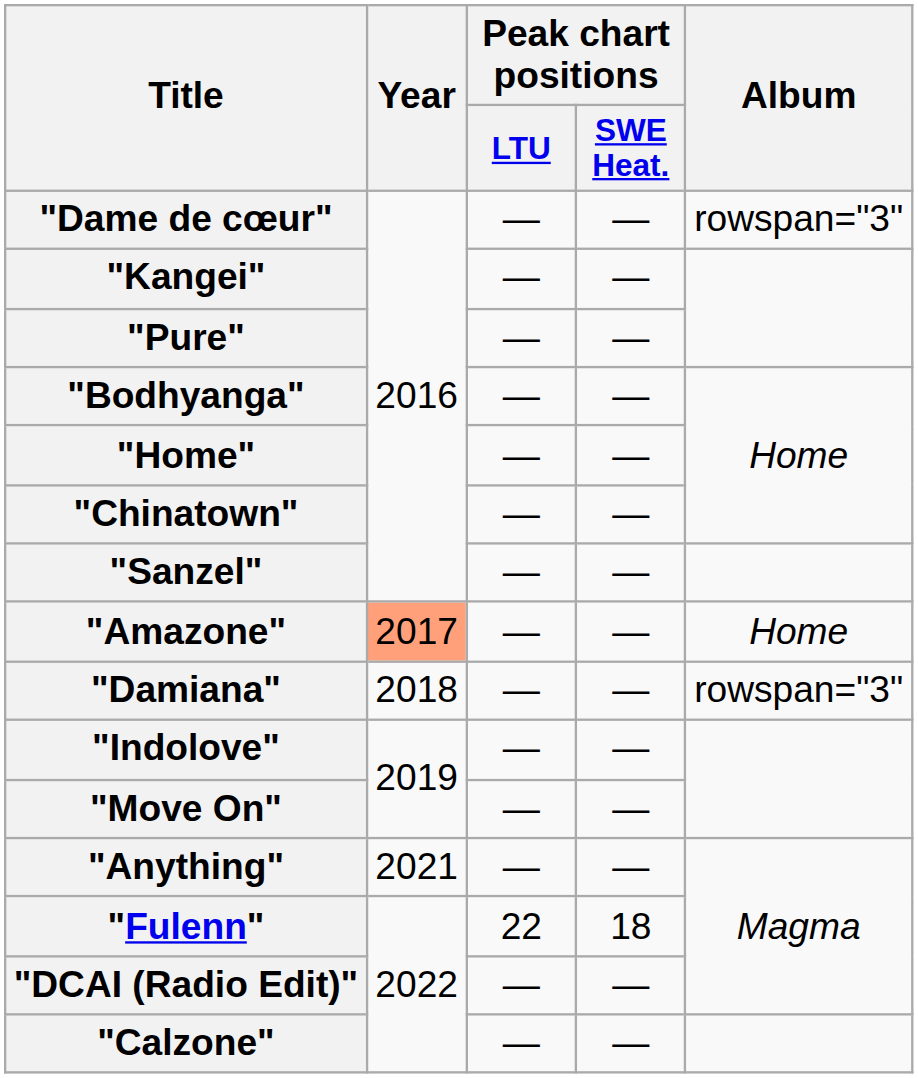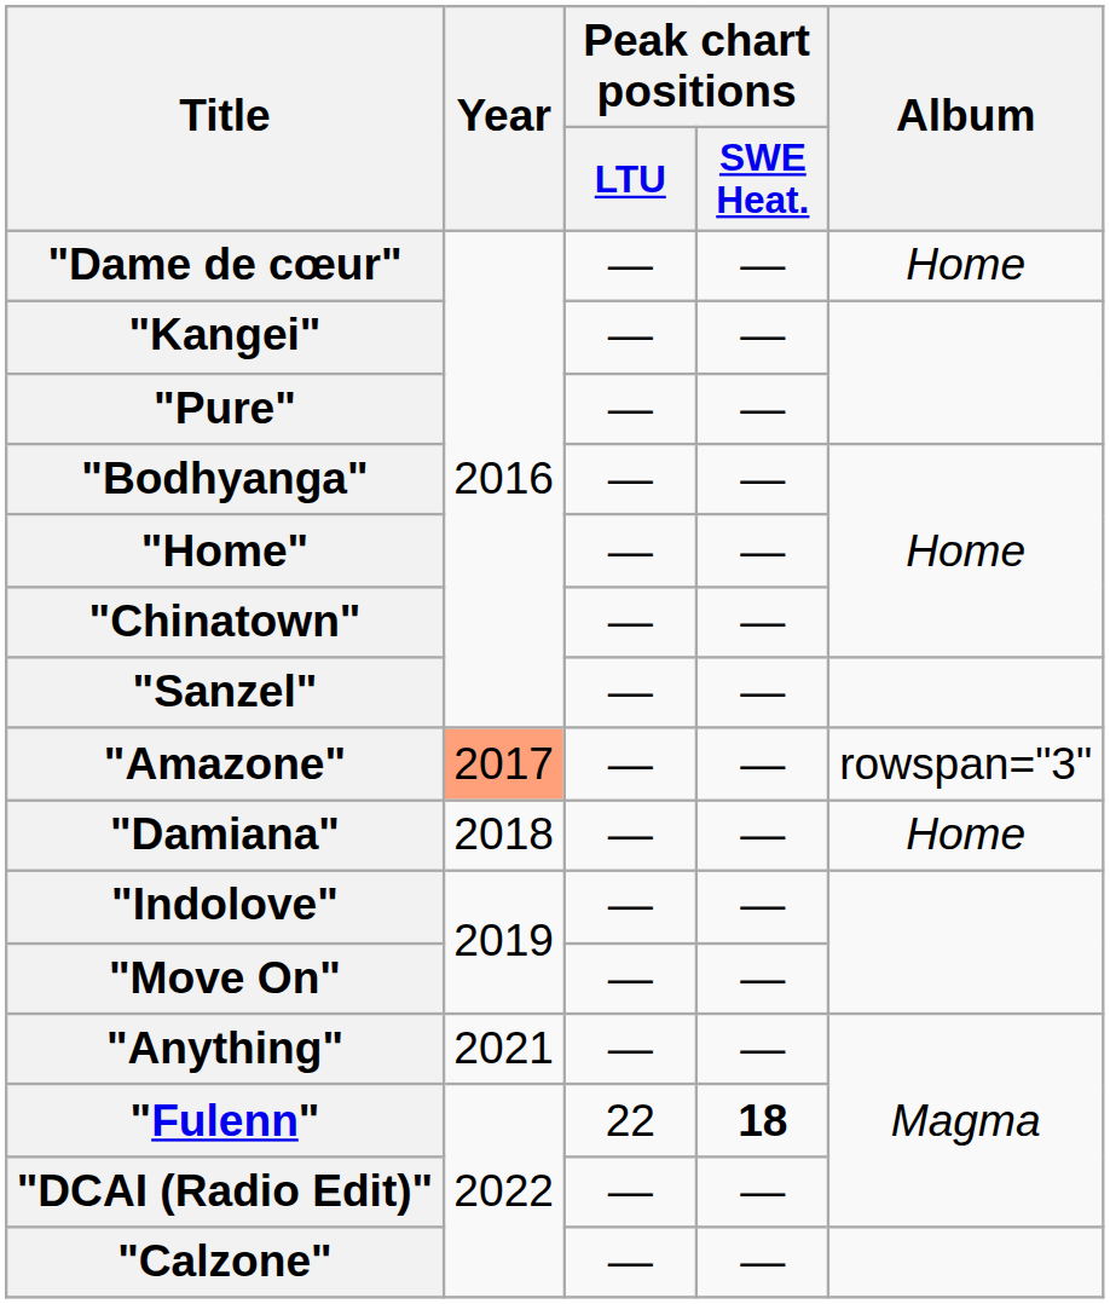 <table class="wikitable plainrowheaders" style="text-align:center">
 <tr>
 <th scope="col" rowspan="2">Title</th>
 <th scope="col" rowspan="2">Year</th>
 <th scope="col" colspan="2">Peak chart positions</th>
 <th scope="col" rowspan="2">Album</th>
 </tr>
 <tr>
 <th style="width:3em;font-size:85%"><a href='#'>LTU</a><br></th>
 <th style="width:3em;font-size:85%"><a href='#'>SWE<br>Heat.</a><br></th>
 </tr>
 <tr>
 <th scope="row">"Dame de cœur"</th>
 <td rowspan="7">2016</td>
 <td>—</td>
 <td>—</td>
-<td>rowspan="3" </td>
+<td><em>Home</em></td>
 </tr>
 <tr>
 <th scope="row">"Kangei"</th>
 <td>—</td>
 <td>—</td>
 </tr>
 <tr>
 <th scope="row">"Pure"</th>
 <td>—</td>
 <td>—</td>
 </tr>
 <tr>
 <th scope="row">"Bodhyanga"</th>
 <td>—</td>
 <td>—</td>
 <td rowspan="3"><em>Home</em></td>
 </tr>
 <tr>
 <th scope="row">"Home"</th>
 <td>—</td>
 <td>—</td>
 </tr>
 <tr>
 <th scope="row">"Chinatown"</th>
 <td>—</td>
 <td>—</td>
 </tr>
 <tr>
 <th scope="row">"Sanzel"</th>
 <td>—</td>
 <td>—</td>
 <td></td>
 </tr>
 <tr>
 <th scope="row">"Amazone"</th>
 <td style="background: lightsalmon;">2017</td>
 <td>—</td>
 <td>—</td>
-<td><em>Home</em></td>
+<td>rowspan="3" </td>
 </tr>
 <tr>
 <th scope="row">"Damiana" <br></th>
 <td>2018</td>
 <td>—</td>
 <td>—</td>
-<td>rowspan="3" </td>
+<td><em>Home</em></td>
 </tr>
 <tr>
 <th scope="row">"Indolove" <br></th>
 <td rowspan="2">2019</td>
 <td>—</td>
 <td>—</td>
 </tr>
 <tr>
 <th scope="row">"Move On"</th>
 <td>—</td>
 <td>—</td>
 </tr>
 <tr>
 <th scope="row">"Anything"</th>
 <td>2021</td>
 <td>—</td>
 <td>—</td>
 <td rowspan="3"><em>Magma</em></td>
 </tr>
 <tr>
 <th scope="row">"<a href='#'>Fulenn</a>" <br></th>
 <td rowspan="3">2022</td>
 <td>22</td>
-<td>18</td>
+<td><strong>18</strong></td>
 </tr>
 <tr>
 <th scope="row">"DCAI (Radio Edit)"</th>
 <td>—</td>
 <td>—</td>
 </tr>
 <tr>
 <th scope="row">"Calzone"</th>
 <td>—</td>
 <td>—</td>
 <td></td>
 </tr>
 </table>
